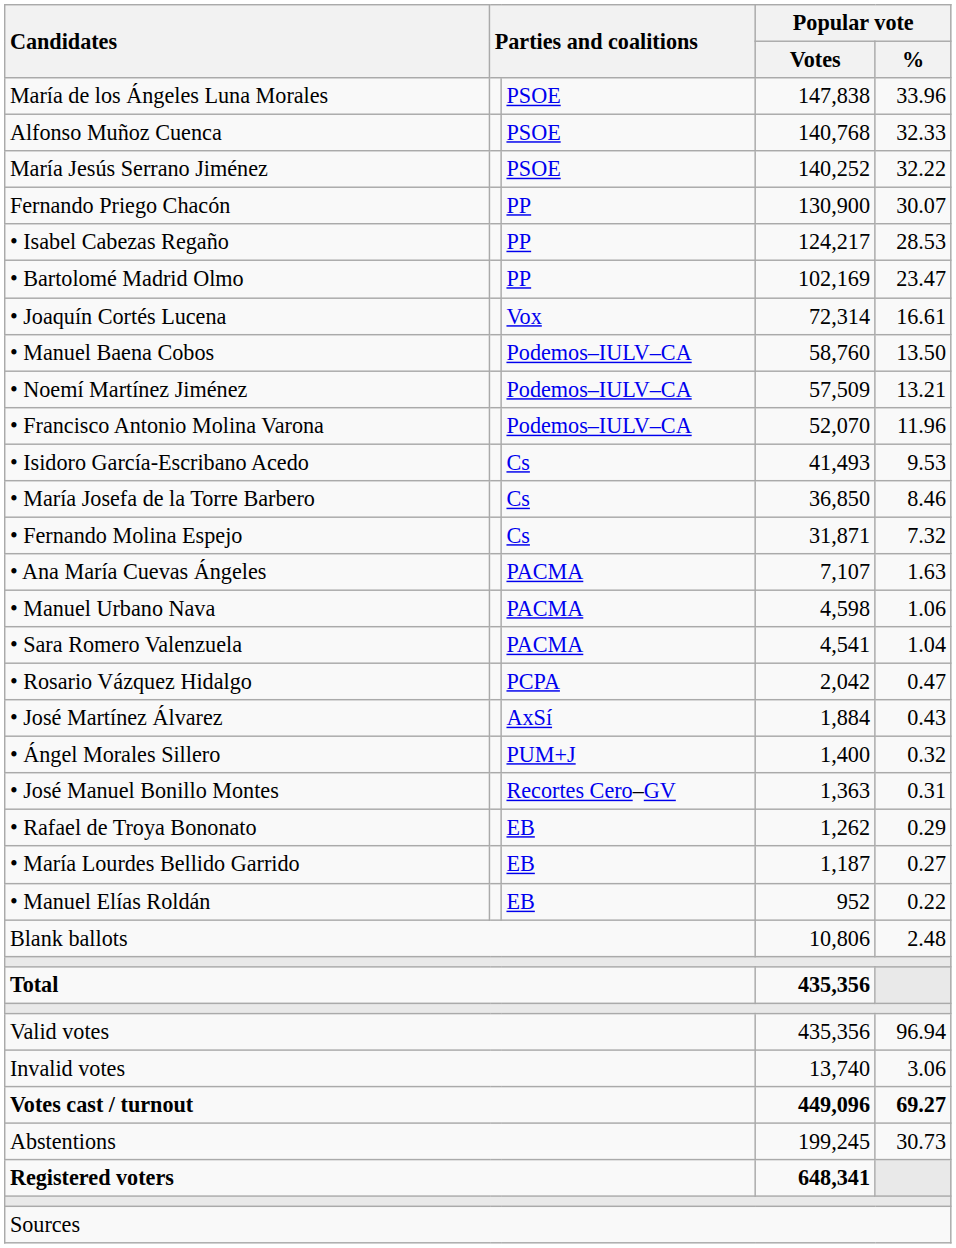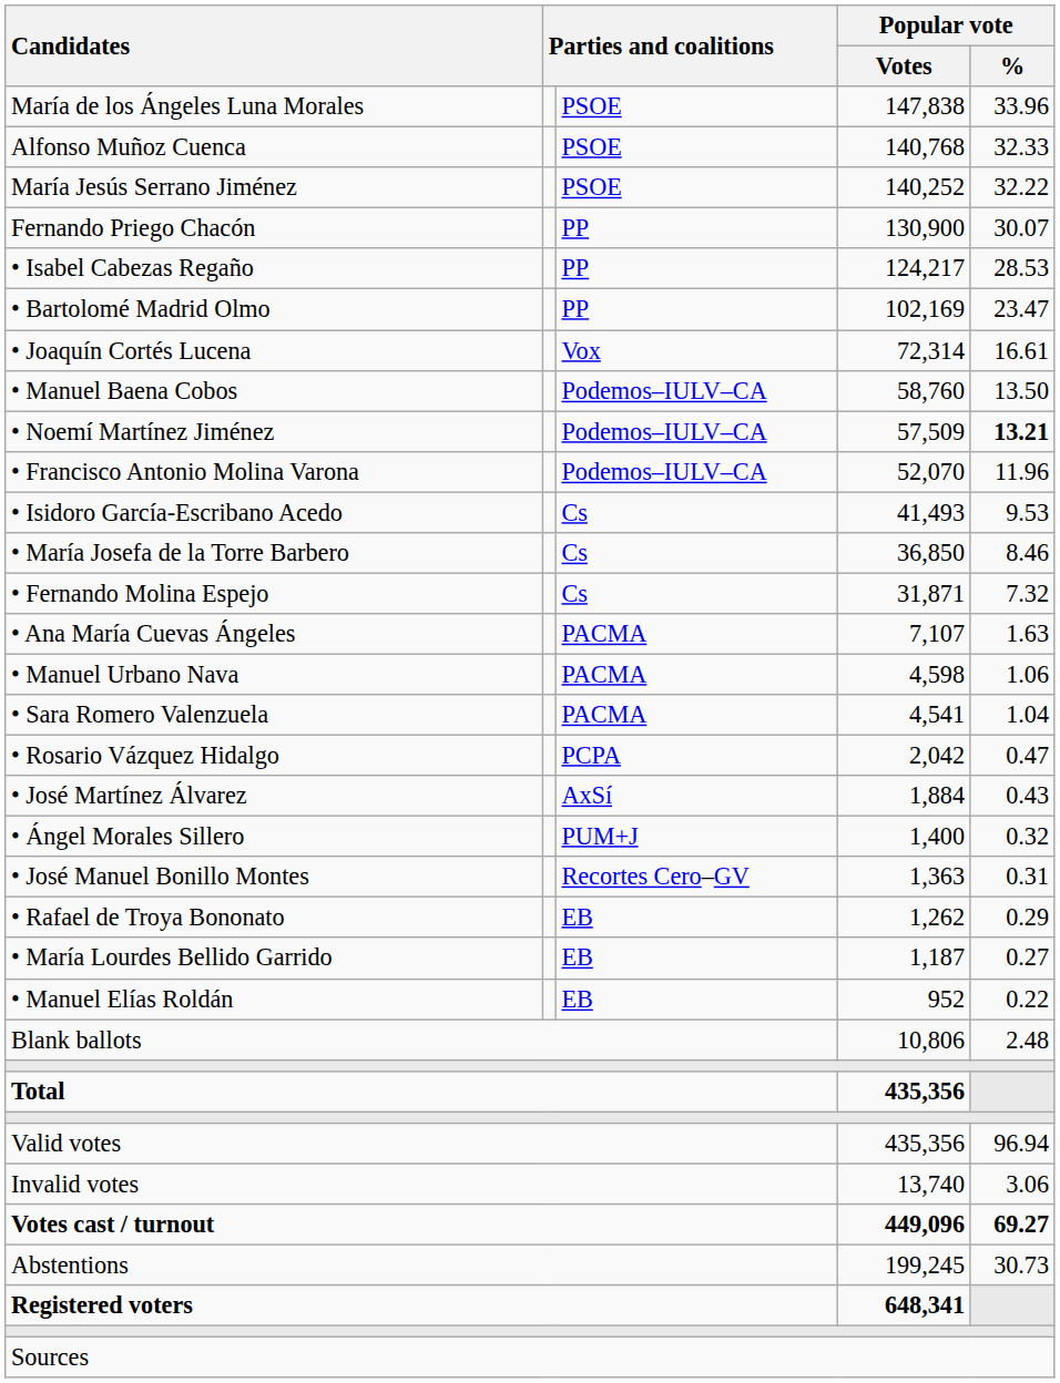 <table class="wikitable" style="text-align:right; font-size:95%;">
 <tr>
 <th style="text-align:left;" rowspan="2" width="325">Candidates</th>
 <th style="text-align:left;" rowspan="2" colspan="2" width="175">Parties and coalitions</th>
 <th colspan="2">Popular vote</th>
 </tr>
 <tr>
 <th width="75">Votes</th>
 <th width="45">%</th>
 </tr>
 <tr>
 <td align="left"> María de los Ángeles Luna Morales</td>
 <td width="1" style="color:inherit;background:"></td>
 <td align="left"><a href='#'>PSOE</a></td>
 <td>147,838</td>
 <td>33.96</td>
 </tr>
 <tr>
 <td align="left"> Alfonso Muñoz Cuenca</td>
 <td style="color:inherit;background:"></td>
 <td align="left"><a href='#'>PSOE</a></td>
 <td>140,768</td>
 <td>32.33</td>
 </tr>
 <tr>
 <td align="left"> María Jesús Serrano Jiménez</td>
 <td style="color:inherit;background:"></td>
 <td align="left"><a href='#'>PSOE</a></td>
 <td>140,252</td>
 <td>32.22</td>
 </tr>
 <tr>
 <td align="left"> Fernando Priego Chacón</td>
 <td style="color:inherit;background:"></td>
 <td align="left"><a href='#'>PP</a></td>
 <td>130,900</td>
 <td>30.07</td>
 </tr>
 <tr>
 <td align="left">• Isabel Cabezas Regaño</td>
 <td style="color:inherit;background:"></td>
 <td align="left"><a href='#'>PP</a></td>
 <td>124,217</td>
 <td>28.53</td>
 </tr>
 <tr>
 <td align="left">• Bartolomé Madrid Olmo</td>
 <td style="color:inherit;background:"></td>
 <td align="left"><a href='#'>PP</a></td>
 <td>102,169</td>
 <td>23.47</td>
 </tr>
 <tr>
 <td align="left">• Joaquín Cortés Lucena</td>
 <td style="color:inherit;background:"></td>
 <td align="left"><a href='#'>Vox</a></td>
 <td>72,314</td>
 <td>16.61</td>
 </tr>
 <tr>
 <td align="left">• Manuel Baena Cobos</td>
 <td style="color:inherit;background:"></td>
 <td align="left"><a href='#'>Podemos–IULV–CA</a></td>
 <td>58,760</td>
 <td>13.50</td>
 </tr>
 <tr>
 <td align="left">• Noemí Martínez Jiménez</td>
 <td style="color:inherit;background:"></td>
 <td align="left"><a href='#'>Podemos–IULV–CA</a></td>
 <td>57,509</td>
-<td>13.21</td>
+<td><strong>13.21</strong></td>
 </tr>
 <tr>
 <td align="left">• Francisco Antonio Molina Varona</td>
 <td style="color:inherit;background:"></td>
 <td align="left"><a href='#'>Podemos–IULV–CA</a></td>
 <td>52,070</td>
 <td>11.96</td>
 </tr>
 <tr>
 <td align="left">• Isidoro García-Escribano Acedo</td>
 <td style="color:inherit;background:"></td>
 <td align="left"><a href='#'>Cs</a></td>
 <td>41,493</td>
 <td>9.53</td>
 </tr>
 <tr>
 <td align="left">• María Josefa de la Torre Barbero</td>
 <td style="color:inherit;background:"></td>
 <td align="left"><a href='#'>Cs</a></td>
 <td>36,850</td>
 <td>8.46</td>
 </tr>
 <tr>
 <td align="left">• Fernando Molina Espejo</td>
 <td style="color:inherit;background:"></td>
 <td align="left"><a href='#'>Cs</a></td>
 <td>31,871</td>
 <td>7.32</td>
 </tr>
 <tr>
 <td align="left">• Ana María Cuevas Ángeles</td>
 <td style="color:inherit;background:"></td>
 <td align="left"><a href='#'>PACMA</a></td>
 <td>7,107</td>
 <td>1.63</td>
 </tr>
 <tr>
 <td align="left">• Manuel Urbano Nava</td>
 <td style="color:inherit;background:"></td>
 <td align="left"><a href='#'>PACMA</a></td>
 <td>4,598</td>
 <td>1.06</td>
 </tr>
 <tr>
 <td align="left">• Sara Romero Valenzuela</td>
 <td style="color:inherit;background:"></td>
 <td align="left"><a href='#'>PACMA</a></td>
 <td>4,541</td>
 <td>1.04</td>
 </tr>
 <tr>
 <td align="left">• Rosario Vázquez Hidalgo</td>
 <td style="color:inherit;background:"></td>
 <td align="left"><a href='#'>PCPA</a></td>
 <td>2,042</td>
 <td>0.47</td>
 </tr>
 <tr>
 <td align="left">• José Martínez Álvarez</td>
 <td style="color:inherit;background:"></td>
 <td align="left"><a href='#'>AxSí</a></td>
 <td>1,884</td>
 <td>0.43</td>
 </tr>
 <tr>
 <td align="left">• Ángel Morales Sillero</td>
 <td style="color:inherit;background:"></td>
 <td align="left"><a href='#'>PUM+J</a></td>
 <td>1,400</td>
 <td>0.32</td>
 </tr>
 <tr>
 <td align="left">• José Manuel Bonillo Montes</td>
 <td style="color:inherit;background:"></td>
 <td align="left"><a href='#'>Recortes Cero</a>–<a href='#'>GV</a></td>
 <td>1,363</td>
 <td>0.31</td>
 </tr>
 <tr>
 <td align="left">• Rafael de Troya Bononato</td>
 <td style="color:inherit;background:"></td>
 <td align="left"><a href='#'>EB</a></td>
 <td>1,262</td>
 <td>0.29</td>
 </tr>
 <tr>
 <td align="left">• María Lourdes Bellido Garrido</td>
 <td style="color:inherit;background:"></td>
 <td align="left"><a href='#'>EB</a></td>
 <td>1,187</td>
 <td>0.27</td>
 </tr>
 <tr>
 <td align="left">• Manuel Elías Roldán</td>
 <td style="color:inherit;background:"></td>
 <td align="left"><a href='#'>EB</a></td>
 <td>952</td>
 <td>0.22</td>
 </tr>
 <tr>
 <td align="left" colspan="3">Blank ballots</td>
 <td>10,806</td>
 <td>2.48</td>
 </tr>
 <tr>
 <td colspan="5" bgcolor="#E9E9E9"></td>
 </tr>
 <tr style="font-weight:bold;">
 <td align="left" colspan="3">Total</td>
 <td>435,356</td>
 <td bgcolor="#E9E9E9"></td>
 </tr>
 <tr>
 <td colspan="5" bgcolor="#E9E9E9"></td>
 </tr>
 <tr>
 <td align="left" colspan="3">Valid votes</td>
 <td>435,356</td>
 <td>96.94</td>
 </tr>
 <tr>
 <td align="left" colspan="3">Invalid votes</td>
 <td>13,740</td>
 <td>3.06</td>
 </tr>
 <tr style="font-weight:bold;">
 <td align="left" colspan="3">Votes cast / turnout</td>
 <td>449,096</td>
 <td>69.27</td>
 </tr>
 <tr>
 <td align="left" colspan="3">Abstentions</td>
 <td>199,245</td>
 <td>30.73</td>
 </tr>
 <tr style="font-weight:bold;">
 <td align="left" colspan="3">Registered voters</td>
 <td>648,341</td>
 <td bgcolor="#E9E9E9"></td>
 </tr>
 <tr>
 <td colspan="5" bgcolor="#E9E9E9"></td>
 </tr>
 <tr>
 <td align="left" colspan="5">Sources</td>
 </tr>
 </table>
